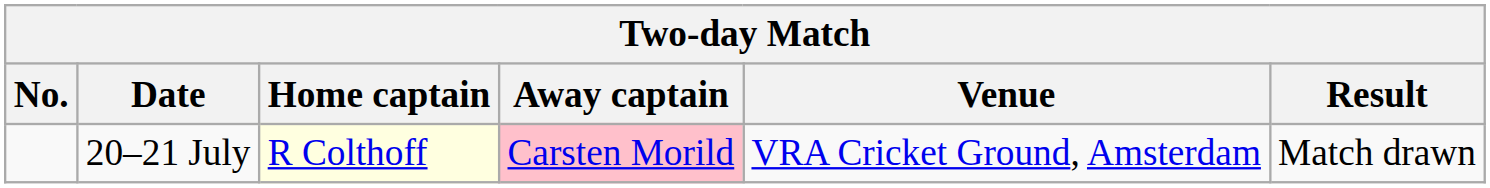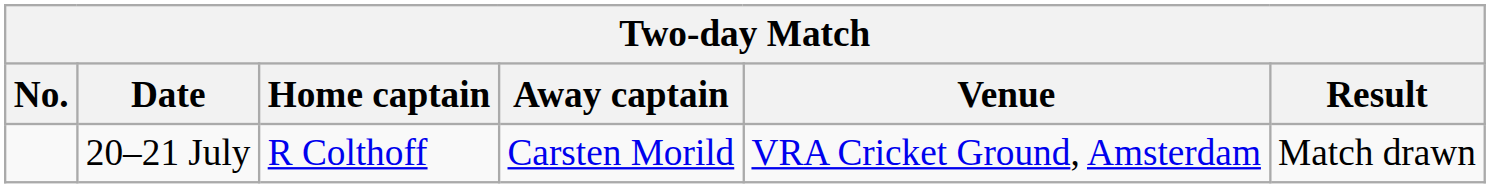 <table class="wikitable">
 <tr>
 <th colspan="9">Two-day Match</th>
 </tr>
 <tr>
 <th>No.</th>
 <th>Date</th>
 <th>Home captain</th>
 <th>Away captain</th>
 <th>Venue</th>
 <th>Result</th>
 </tr>
 <tr>
 <td></td>
 <td>20–21 July</td>
-<td style="background: lightyellow;"><a href='#'>R Colthoff</a></td>
-<td style="background: pink;"><a href='#'>Carsten Morild</a></td>
+<td><a href='#'>R Colthoff</a></td>
+<td><a href='#'>Carsten Morild</a></td>
 <td><a href='#'>VRA Cricket Ground</a>, <a href='#'>Amsterdam</a></td>
 <td>Match drawn</td>
 </tr>
 </table>
